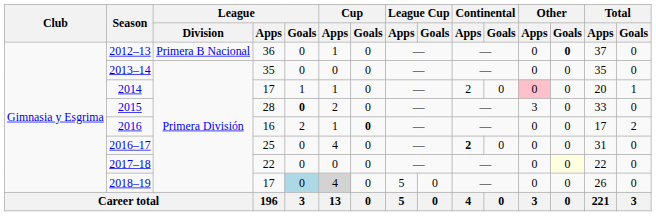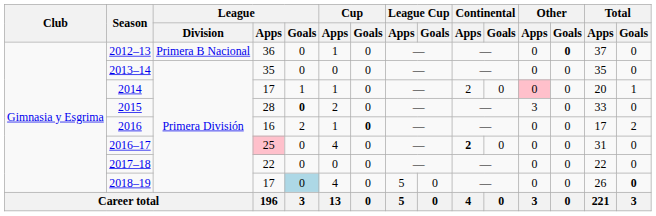 <table class="wikitable" style="text-align:center">
 <tr>
 <th rowspan="2">Club</th>
 <th rowspan="2">Season</th>
 <th colspan="3">League</th>
 <th colspan="2">Cup</th>
 <th colspan="2">League Cup</th>
 <th colspan="2">Continental</th>
 <th colspan="2">Other</th>
 <th colspan="2">Total</th>
 </tr>
 <tr>
 <th>Division</th>
 <th>Apps</th>
 <th>Goals</th>
 <th>Apps</th>
 <th>Goals</th>
 <th>Apps</th>
 <th>Goals</th>
 <th>Apps</th>
 <th>Goals</th>
 <th>Apps</th>
 <th>Goals</th>
 <th>Apps</th>
 <th>Goals</th>
 </tr>
 <tr>
 <td rowspan="8"><a href='#'>Gimnasia y Esgrima</a></td>
 <td><a href='#'>2012–13</a></td>
 <td rowspan="1"><a href='#'>Primera B Nacional</a></td>
 <td>36</td>
 <td>0</td>
 <td>1</td>
 <td>0</td>
 <td colspan="2">—</td>
 <td colspan="2">—</td>
 <td>0</td>
 <td><strong>0</strong></td>
 <td>37</td>
 <td>0</td>
 </tr>
 <tr>
 <td><a href='#'>2013–14</a></td>
 <td rowspan="7"><a href='#'>Primera División</a></td>
 <td>35</td>
 <td>0</td>
 <td>0</td>
 <td>0</td>
 <td colspan="2">—</td>
 <td colspan="2">—</td>
 <td>0</td>
 <td>0</td>
 <td>35</td>
 <td>0</td>
 </tr>
 <tr>
 <td><a href='#'>2014</a></td>
 <td>17</td>
 <td>1</td>
 <td>1</td>
 <td>0</td>
 <td colspan="2">—</td>
 <td>2</td>
 <td>0</td>
 <td style="background: pink;">0</td>
 <td>0</td>
 <td>20</td>
 <td>1</td>
 </tr>
 <tr>
 <td><a href='#'>2015</a></td>
 <td>28</td>
 <td><strong>0</strong></td>
 <td>2</td>
 <td>0</td>
 <td colspan="2">—</td>
 <td colspan="2">—</td>
 <td>3</td>
 <td>0</td>
 <td>33</td>
 <td>0</td>
 </tr>
 <tr>
 <td><a href='#'>2016</a></td>
 <td>16</td>
 <td>2</td>
 <td>1</td>
 <td><strong>0</strong></td>
 <td colspan="2">—</td>
 <td colspan="2">—</td>
 <td>0</td>
 <td>0</td>
 <td>17</td>
 <td>2</td>
 </tr>
 <tr>
 <td><a href='#'>2016–17</a></td>
-<td>25</td>
+<td style="background: pink;">25</td>
 <td>0</td>
 <td>4</td>
 <td>0</td>
 <td colspan="2">—</td>
 <td><strong>2</strong></td>
 <td>0</td>
 <td>0</td>
 <td>0</td>
 <td>31</td>
 <td>0</td>
 </tr>
 <tr>
 <td><a href='#'>2017–18</a></td>
 <td>22</td>
 <td>0</td>
 <td>0</td>
 <td>0</td>
 <td colspan="2">—</td>
 <td colspan="2">—</td>
 <td>0</td>
-<td style="background: lightyellow;">0</td>
+<td>0</td>
 <td>22</td>
 <td>0</td>
 </tr>
 <tr>
 <td><a href='#'>2018–19</a></td>
 <td>17</td>
 <td style="background: lightblue;">0</td>
-<td style="background: lightgrey;">4</td>
+<td>4</td>
 <td>0</td>
 <td>5</td>
 <td>0</td>
 <td colspan="2">—</td>
 <td>0</td>
 <td>0</td>
 <td>26</td>
-<td>0</td>
+<td><strong>0</strong></td>
 </tr>
 <tr>
 <th colspan="3">Career total</th>
 <th>196</th>
 <th>3</th>
 <th>13</th>
 <th>0</th>
 <th>5</th>
 <th>0</th>
 <th>4</th>
 <th>0</th>
 <th>3</th>
 <th>0</th>
 <th>221</th>
 <th>3</th>
 </tr>
 </table>
